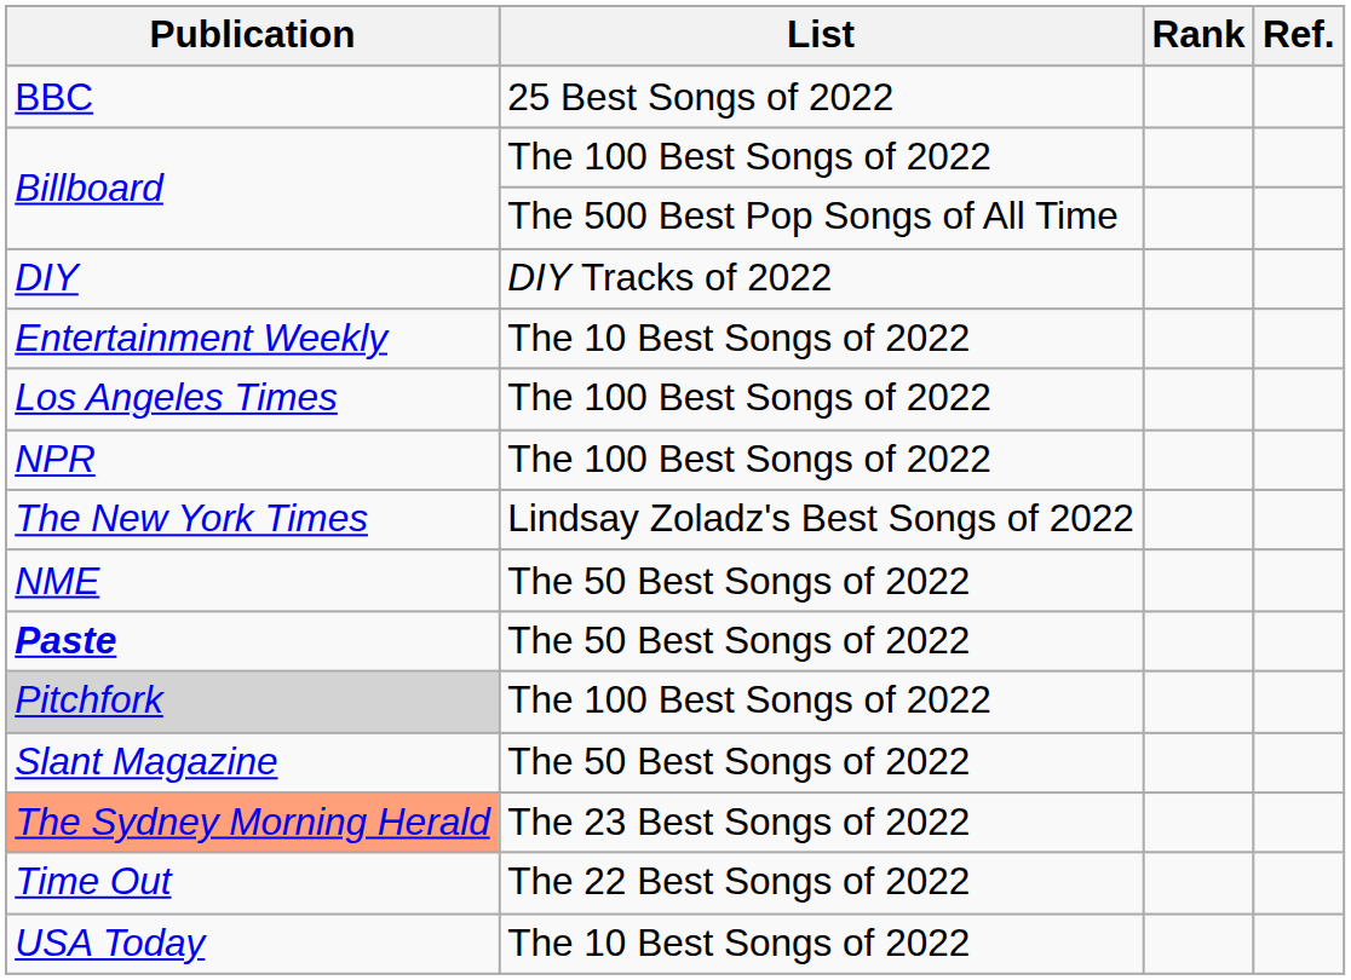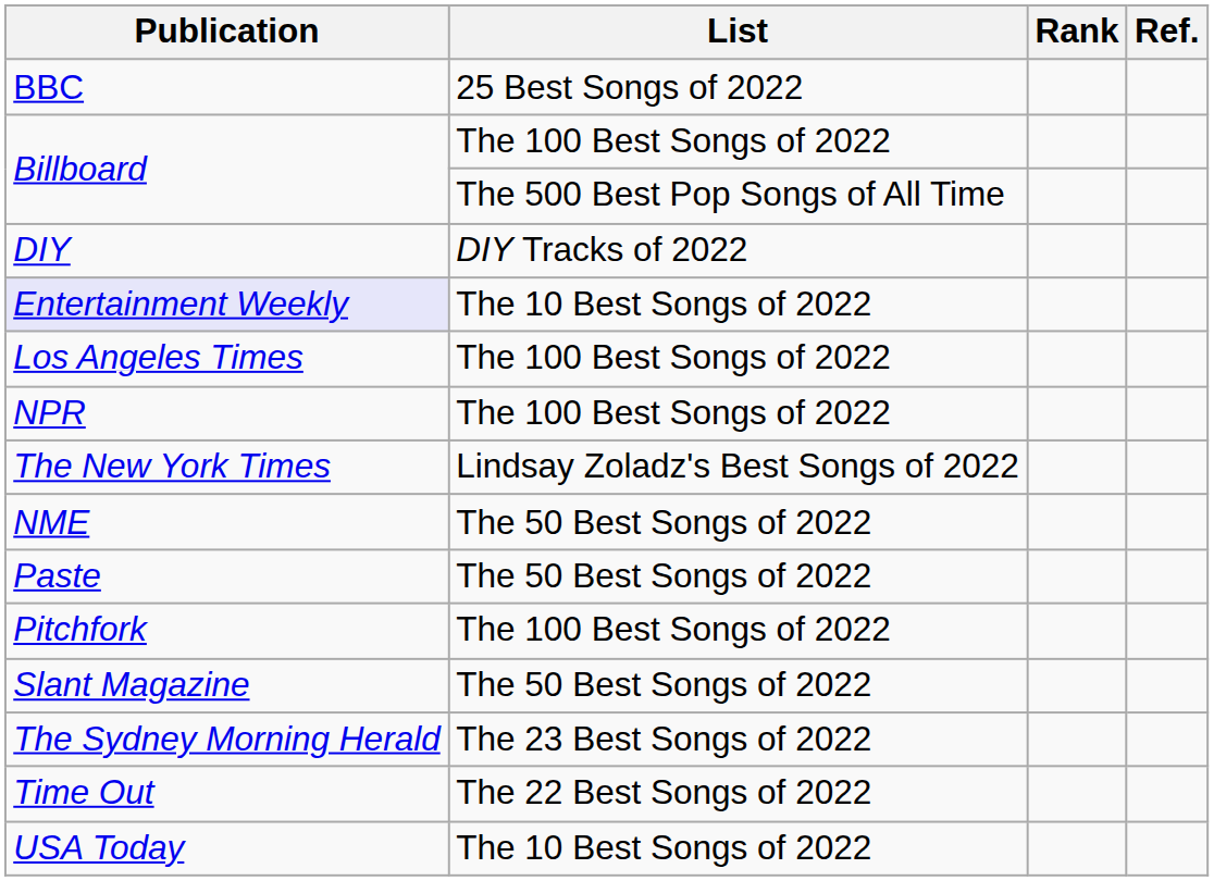 <table class="wikitable">
 <tr>
 <th>Publication</th>
 <th>List</th>
 <th>Rank</th>
 <th>Ref.</th>
 </tr>
 <tr>
 <td><a href='#'>BBC</a></td>
 <td>25 Best Songs of 2022</td>
 <td></td>
 <td></td>
 </tr>
 <tr>
 <td rowspan="2"><em><a href='#'>Billboard</a></em></td>
 <td>The 100 Best Songs of 2022</td>
 <td></td>
 <td></td>
 </tr>
 <tr>
 <td>The 500 Best Pop Songs of All Time</td>
 <td></td>
 <td></td>
 </tr>
 <tr>
 <td><em><a href='#'>DIY</a></em></td>
 <td><em>DIY</em> Tracks of 2022</td>
 <td></td>
 <td></td>
 </tr>
 <tr>
-<td><em><a href='#'>Entertainment Weekly</a></em></td>
+<td style="background: lavender;"><em><a href='#'>Entertainment Weekly</a></em></td>
 <td>The 10 Best Songs of 2022</td>
 <td></td>
 <td></td>
 </tr>
 <tr>
 <td><em><a href='#'>Los Angeles Times</a></em></td>
 <td>The 100 Best Songs of 2022</td>
 <td></td>
 <td></td>
 </tr>
 <tr>
 <td><em><a href='#'>NPR</a></em></td>
 <td>The 100 Best Songs of 2022</td>
 <td></td>
 <td></td>
 </tr>
 <tr>
 <td><em><a href='#'>The New York Times</a></em></td>
 <td>Lindsay Zoladz's Best Songs of 2022</td>
 <td></td>
 <td></td>
 </tr>
 <tr>
 <td><em><a href='#'>NME</a></em></td>
 <td>The 50 Best Songs of 2022</td>
 <td></td>
 <td></td>
 </tr>
 <tr>
-<td><strong><em><a href='#'>Paste</a></em></strong></td>
+<td><em><a href='#'>Paste</a></em></td>
 <td>The 50 Best Songs of 2022</td>
 <td></td>
 <td></td>
 </tr>
 <tr>
-<td style="background: lightgrey;"><em><a href='#'>Pitchfork</a></em></td>
+<td><em><a href='#'>Pitchfork</a></em></td>
 <td>The 100 Best Songs of 2022</td>
 <td></td>
 <td></td>
 </tr>
 <tr>
 <td><em><a href='#'>Slant Magazine</a></em></td>
 <td>The 50 Best Songs of 2022</td>
 <td></td>
 <td></td>
 </tr>
 <tr>
-<td style="background: lightsalmon;"><em><a href='#'>The Sydney Morning Herald</a></em></td>
+<td><em><a href='#'>The Sydney Morning Herald</a></em></td>
 <td>The 23 Best Songs of 2022</td>
 <td></td>
 <td></td>
 </tr>
 <tr>
 <td><em><a href='#'>Time Out</a></em></td>
 <td>The 22 Best Songs of 2022</td>
 <td></td>
 <td></td>
 </tr>
 <tr>
 <td><em><a href='#'>USA Today</a></em></td>
 <td>The 10 Best Songs of 2022</td>
 <td></td>
 <td></td>
 </tr>
 </table>
